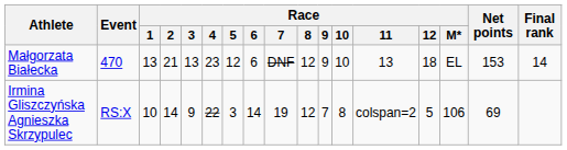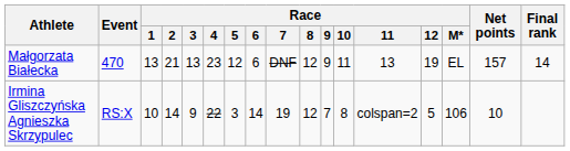 <table class="wikitable" style="font-size:90%">
 <tr>
 <th rowspan="2">Athlete</th>
 <th rowspan="2">Event</th>
 <th colspan=13>Race</th>
 <th rowspan=2>Net points</th>
 <th rowspan=2>Final rank</th>
 </tr>
 <tr style="font-size:95%">
 <th>1</th>
 <th>2</th>
 <th>3</th>
 <th>4</th>
 <th>5</th>
 <th>6</th>
 <th>7</th>
 <th>8</th>
 <th>9</th>
 <th>10</th>
 <th>11</th>
 <th>12</th>
 <th>M*</th>
 </tr>
 <tr align=center>
 <td align=left><a href='#'>Małgorzata Białecka</a></td>
 <td align=left><a href='#'>470</a></td>
 <td>13</td>
 <td>21</td>
 <td>13</td>
 <td>23</td>
 <td>12</td>
 <td>6</td>
 <td><s>DNF</s></td>
 <td>12</td>
 <td>9</td>
-<td>10</td>
+<td>11</td>
 <td>13</td>
-<td>18</td>
+<td>19</td>
 <td>EL</td>
-<td>153</td>
+<td>157</td>
 <td>14</td>
 </tr>
 <tr align=center>
 <td align=left><a href='#'>Irmina Gliszczyńska</a><br><a href='#'>Agnieszka Skrzypulec</a></td>
 <td align=left><a href='#'>RS:X</a></td>
 <td>10</td>
 <td>14</td>
 <td>9</td>
 <td><s>22</s></td>
 <td>3</td>
 <td>14</td>
 <td>19</td>
 <td>12</td>
 <td>7</td>
 <td>8</td>
 <td>colspan=2 </td>
 <td>5</td>
 <td>106</td>
-<td>69</td>
+<td>10</td>
 </tr>
 </table>
